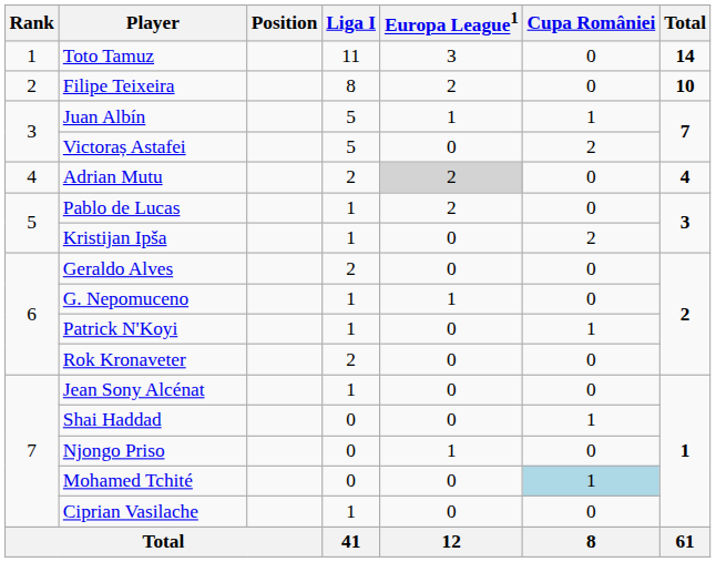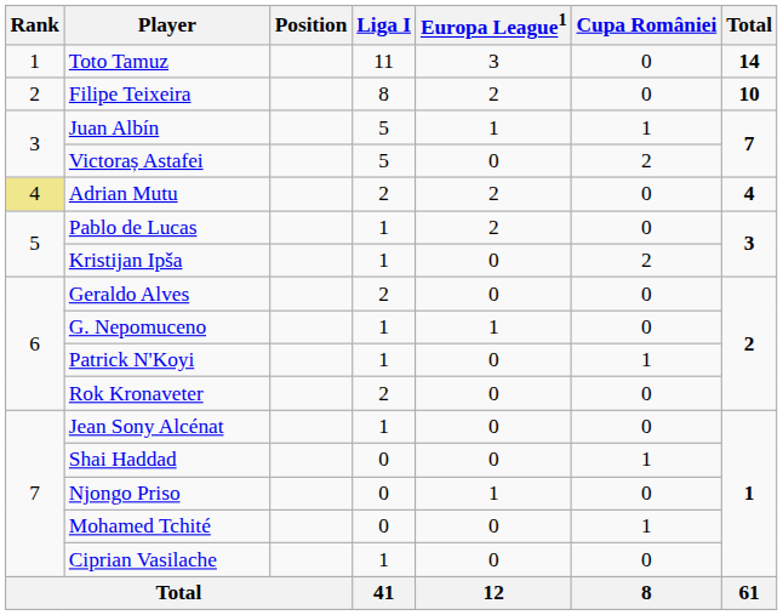 <table class="wikitable">
 <tr>
 <th>Rank</th>
 <th style="width:150px;">Player</th>
 <th>Position</th>
 <th><a href='#'>Liga I</a></th>
 <th><a href='#'>Europa League</a><sup>1</sup></th>
 <th><a href='#'>Cupa României</a></th>
 <th>Total</th>
 </tr>
 <tr>
 <td align=center>1</td>
 <td> <a href='#'>Toto Tamuz</a></td>
 <td align=center></td>
 <td align=center>11</td>
 <td align=center>3</td>
 <td align=center>0</td>
 <td align=center><strong>14</strong></td>
 </tr>
 <tr>
 <td align=center>2</td>
 <td> <a href='#'>Filipe Teixeira</a></td>
 <td align=center></td>
 <td align=center>8</td>
 <td align=center>2</td>
 <td align=center>0</td>
 <td align=center><strong>10</strong></td>
 </tr>
 <tr>
 <td align=center rowspan=2>3</td>
 <td> <a href='#'>Juan Albín</a></td>
 <td align=center></td>
 <td align=center>5</td>
 <td align=center>1</td>
 <td align=center>1</td>
 <td align=center rowspan=2><strong>7</strong></td>
 </tr>
 <tr>
 <td> <a href='#'>Victoraș Astafei</a></td>
 <td align=center></td>
 <td align=center>5</td>
 <td align=center>0</td>
 <td align=center>2</td>
 </tr>
 <tr>
-<td align=center rowspan=1>4</td>
+<td align=center rowspan=1 style="background: khaki;">4</td>
 <td> <a href='#'>Adrian Mutu</a></td>
 <td align=center></td>
 <td align=center>2</td>
-<td align=center style="background: lightgrey;">2</td>
+<td align=center>2</td>
 <td align=center>0</td>
 <td align=center rowspan=1><strong>4</strong></td>
 </tr>
 <tr>
 <td align=center rowspan=2>5</td>
 <td> <a href='#'>Pablo de Lucas</a></td>
 <td align=center></td>
 <td align=center>1</td>
 <td align=center>2</td>
 <td align=center>0</td>
 <td align=center rowspan=2><strong>3</strong></td>
 </tr>
 <tr>
 <td> <a href='#'>Kristijan Ipša</a></td>
 <td align=center></td>
 <td align=center>1</td>
 <td align=center>0</td>
 <td align=center>2</td>
 </tr>
 <tr>
 <td align=center rowspan=4>6</td>
 <td> <a href='#'>Geraldo Alves</a></td>
 <td align=center></td>
 <td align=center>2</td>
 <td align=center>0</td>
 <td align=center>0</td>
 <td align=center rowspan=4><strong>2</strong></td>
 </tr>
 <tr>
 <td> <a href='#'>G. Nepomuceno</a></td>
 <td align=center></td>
 <td align=center>1</td>
 <td align=center>1</td>
 <td align=center>0</td>
 </tr>
 <tr>
 <td> <a href='#'>Patrick N'Koyi</a></td>
 <td align=center></td>
 <td align=center>1</td>
 <td align=center>0</td>
 <td align=center>1</td>
 </tr>
 <tr>
 <td> <a href='#'>Rok Kronaveter</a></td>
 <td align=center></td>
 <td align=center>2</td>
 <td align=center>0</td>
 <td align=center>0</td>
 </tr>
 <tr>
 <td align=center rowspan=5>7</td>
 <td> <a href='#'>Jean Sony Alcénat</a></td>
 <td align=center></td>
 <td align=center>1</td>
 <td align=center>0</td>
 <td align=center>0</td>
 <td align=center rowspan=5><strong>1</strong></td>
 </tr>
 <tr>
 <td> <a href='#'>Shai Haddad</a></td>
 <td align=center></td>
 <td align=center>0</td>
 <td align=center>0</td>
 <td align=center>1</td>
 </tr>
 <tr>
 <td> <a href='#'>Njongo Priso</a></td>
 <td align=center></td>
 <td align=center>0</td>
 <td align=center>1</td>
 <td align=center>0</td>
 </tr>
 <tr>
 <td> <a href='#'>Mohamed Tchité</a></td>
 <td align=center></td>
 <td align=center>0</td>
 <td align=center>0</td>
-<td align=center style="background: lightblue;">1</td>
+<td align=center>1</td>
 </tr>
 <tr>
 <td> <a href='#'>Ciprian Vasilache</a></td>
 <td align=center></td>
 <td align=center>1</td>
 <td align=center>0</td>
 <td align=center>0</td>
 </tr>
 <tr>
 <th align=center colspan=3>Total</th>
 <th align=center>41</th>
 <th align=center>12</th>
 <th align=center>8</th>
 <th align=center>61</th>
 </tr>
 </table>
